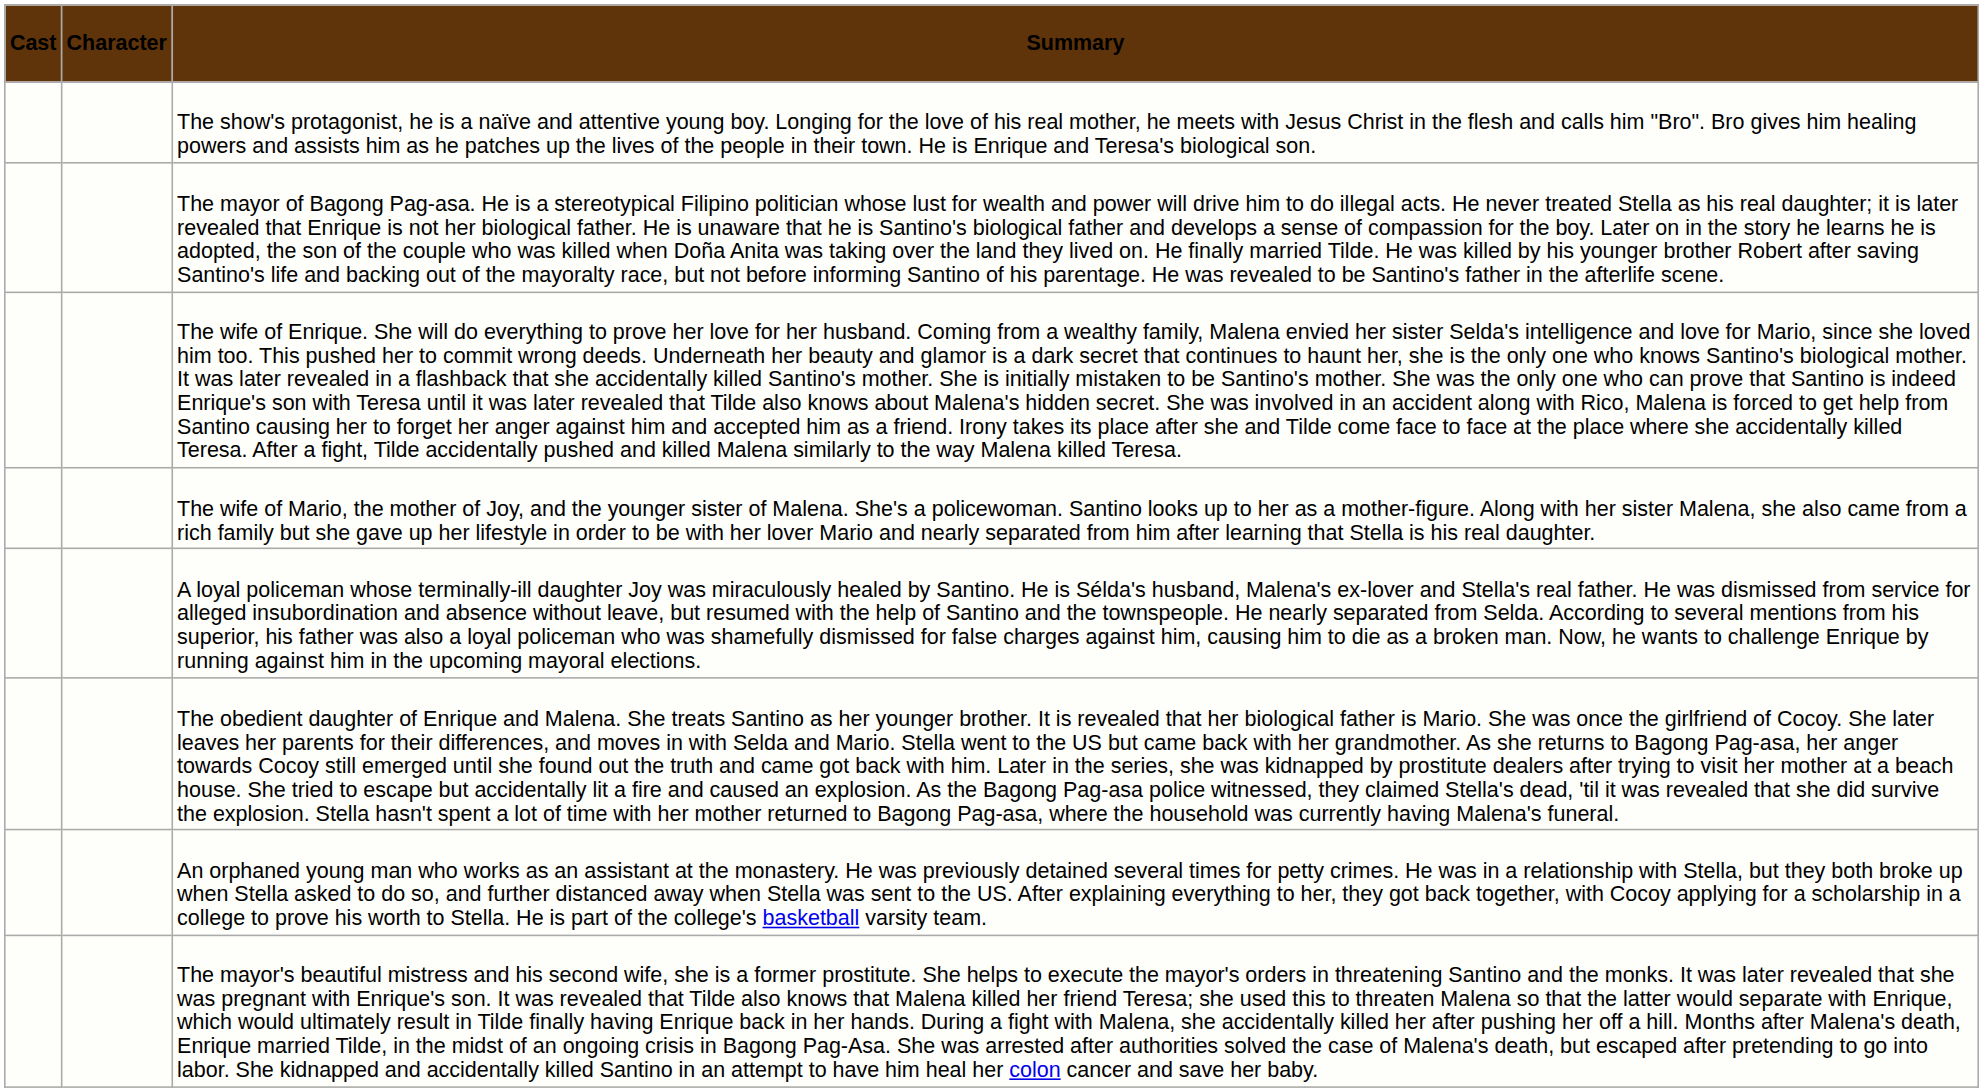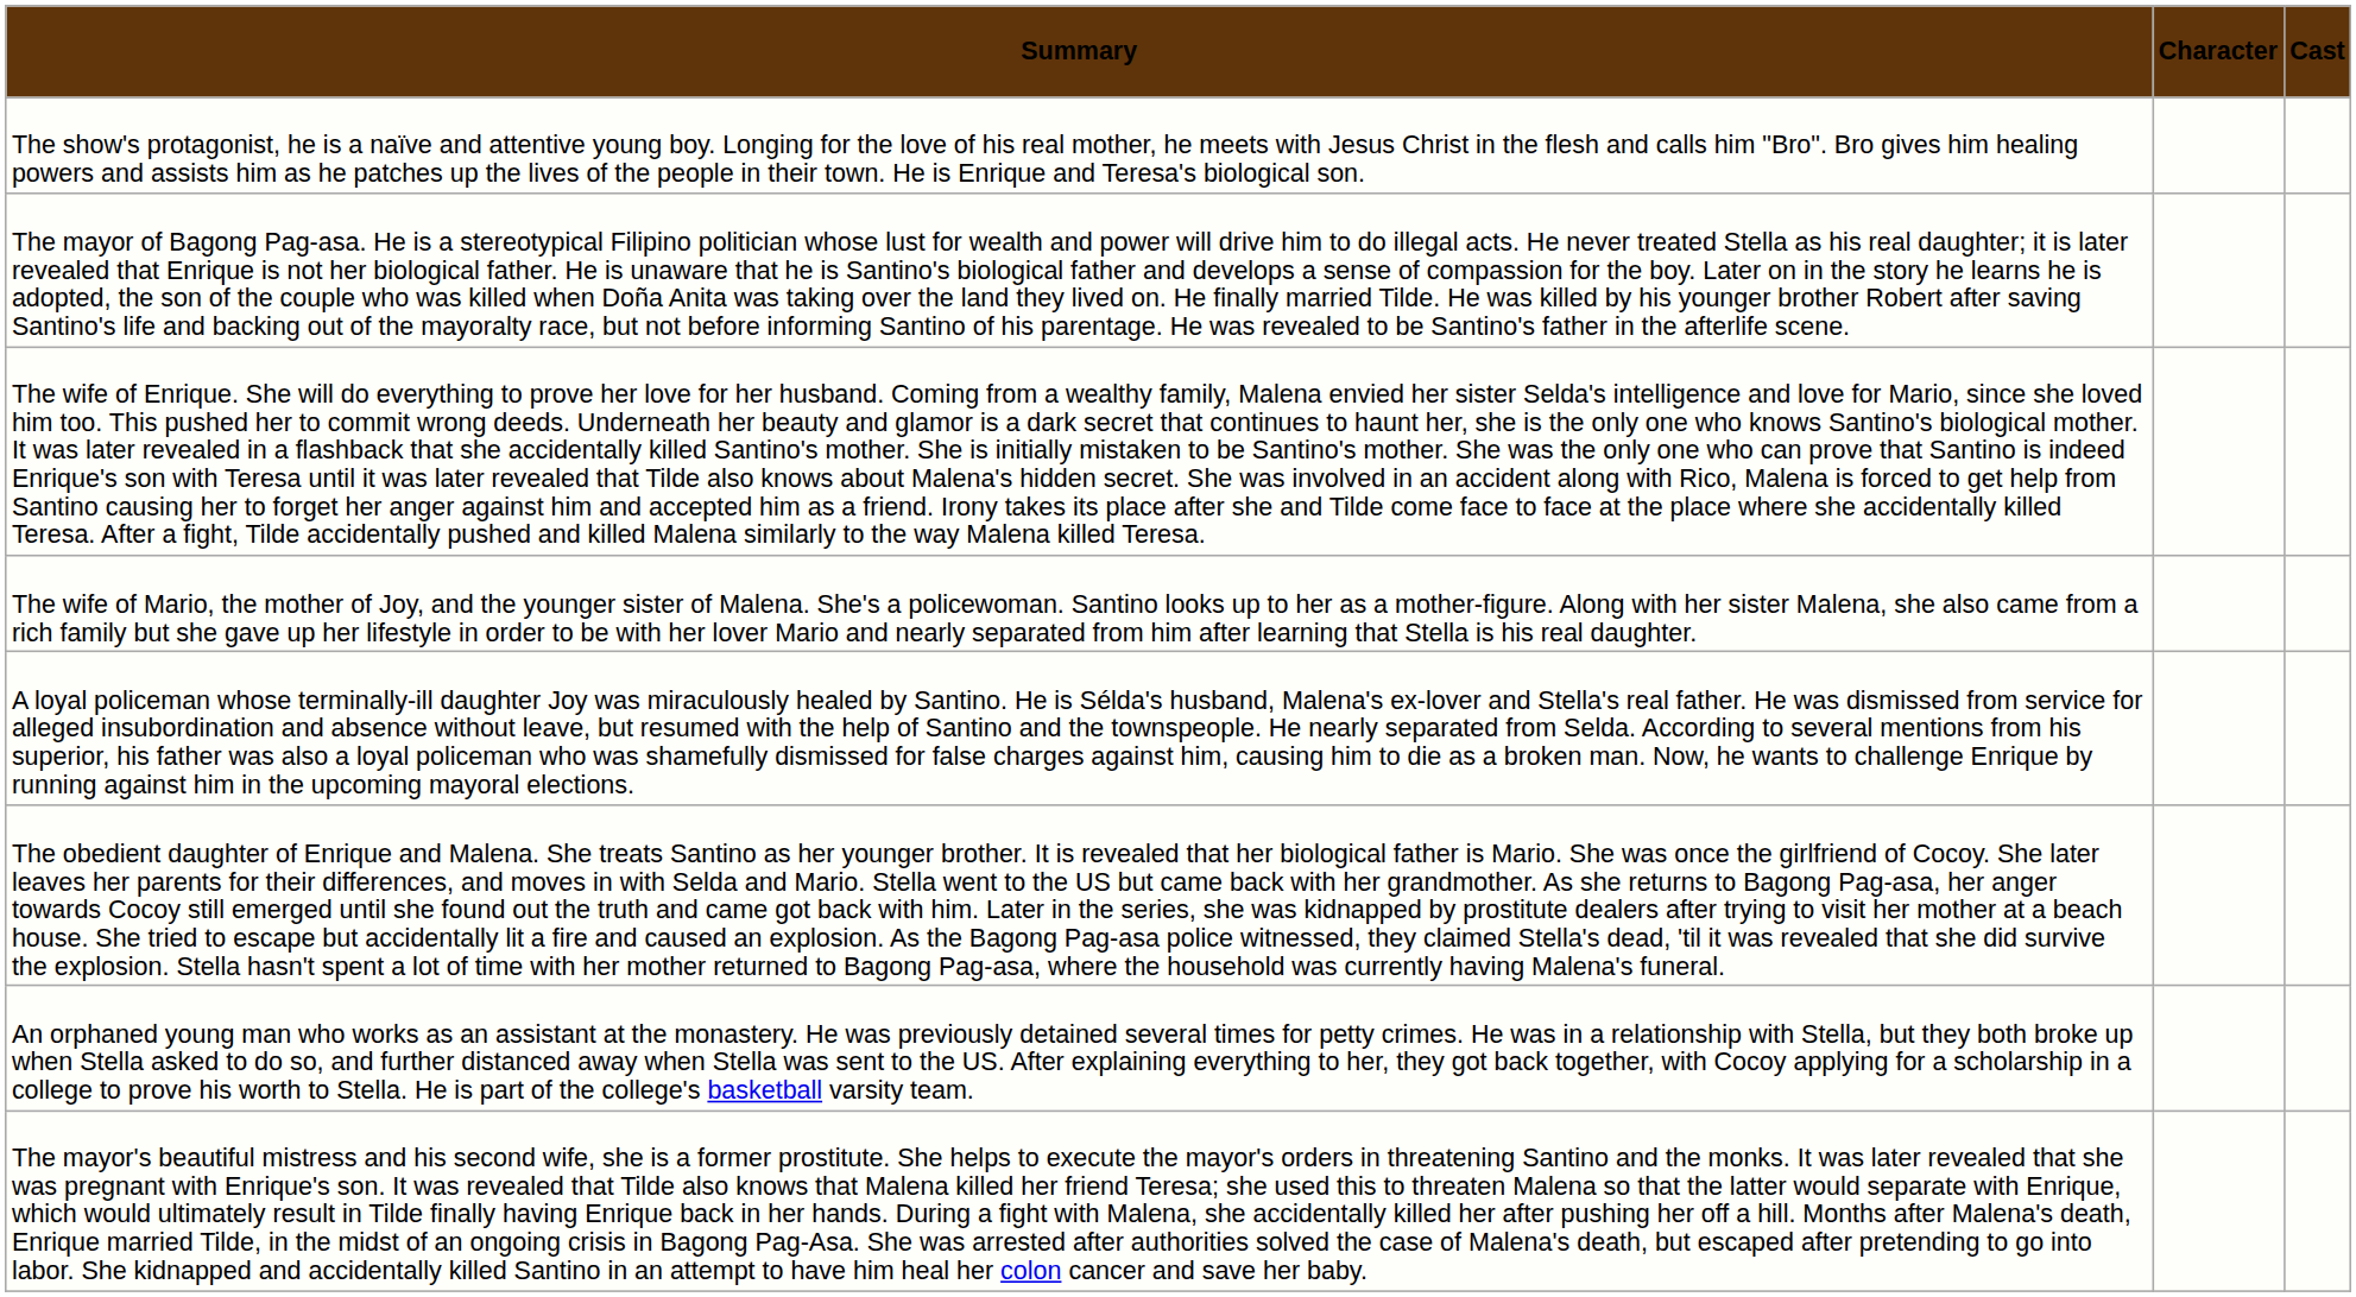 <table class="wikitable" style=" background:#FEFEFA; font-size: 85%;">
 <tr>
+<th style="background:#5F340A ;"><p>Summary</p></th>
+<th style="background:#5F340A; "><p>Character</p></th>
 <th style="background:#5F340A ;"><p>Cast</p></th>
-<th style="background:#5F340A; "><p>Character</p></th>
-<th style="background:#5F340A ;"><p>Summary</p></th>
 </tr>
 <tr>
+<td><br>The show's protagonist, he is a naïve and attentive young boy. Longing for the love of his real mother, he meets with Jesus Christ in the flesh and calls him "Bro". Bro gives him healing powers and assists him as he patches up the lives of the people in their town. He is Enrique and Teresa's biological son.</td>
 <td></td>
 <td></td>
-<td><br>The show's protagonist, he is a naïve and attentive young boy. Longing for the love of his real mother, he meets with Jesus Christ in the flesh and calls him "Bro". Bro gives him healing powers and assists him as he patches up the lives of the people in their town. He is Enrique and Teresa's biological son.</td>
 </tr>
 <tr>
+<td><br>The mayor of Bagong Pag-asa. He is a stereotypical Filipino politician whose lust for wealth and power will drive him to do illegal acts. He never treated Stella as his real daughter; it is later revealed that Enrique is not her biological father. He is unaware that he is Santino's biological father and develops a sense of compassion for the boy. Later on in the story he learns he is adopted, the son of the couple who was killed when Doña Anita was taking over the land they lived on. He finally married Tilde. He was killed by his younger brother Robert after saving Santino's life and backing out of the mayoralty race, but not before informing Santino of his parentage. He was revealed to be Santino's father in the afterlife scene.</td>
 <td></td>
 <td></td>
-<td><br>The mayor of Bagong Pag-asa. He is a stereotypical Filipino politician whose lust for wealth and power will drive him to do illegal acts. He never treated Stella as his real daughter; it is later revealed that Enrique is not her biological father. He is unaware that he is Santino's biological father and develops a sense of compassion for the boy. Later on in the story he learns he is adopted, the son of the couple who was killed when Doña Anita was taking over the land they lived on. He finally married Tilde. He was killed by his younger brother Robert after saving Santino's life and backing out of the mayoralty race, but not before informing Santino of his parentage. He was revealed to be Santino's father in the afterlife scene.</td>
 </tr>
 <tr>
+<td><br>The wife of Enrique. She will do everything to prove her love for her husband. Coming from a wealthy family, Malena envied her sister Selda's intelligence and love for Mario, since she loved him too. This pushed her to commit wrong deeds. Underneath her beauty and glamor is a dark secret that continues to haunt her, she is the only one who knows Santino's biological mother. It was later revealed in a flashback that she accidentally killed Santino's mother. She is initially mistaken to be Santino's mother. She was the only one who can prove that Santino is indeed Enrique's son with Teresa until it was later revealed that Tilde also knows about Malena's hidden secret. She was involved in an accident along with Rico, Malena is forced to get help from Santino causing her to forget her anger against him and accepted him as a friend. Irony takes its place after she and Tilde come face to face at the place where she accidentally killed Teresa. After a fight, Tilde accidentally pushed and killed Malena similarly to the way Malena killed Teresa.</td>
 <td></td>
 <td></td>
-<td><br>The wife of Enrique. She will do everything to prove her love for her husband. Coming from a wealthy family, Malena envied her sister Selda's intelligence and love for Mario, since she loved him too. This pushed her to commit wrong deeds. Underneath her beauty and glamor is a dark secret that continues to haunt her, she is the only one who knows Santino's biological mother. It was later revealed in a flashback that she accidentally killed Santino's mother. She is initially mistaken to be Santino's mother. She was the only one who can prove that Santino is indeed Enrique's son with Teresa until it was later revealed that Tilde also knows about Malena's hidden secret. She was involved in an accident along with Rico, Malena is forced to get help from Santino causing her to forget her anger against him and accepted him as a friend. Irony takes its place after she and Tilde come face to face at the place where she accidentally killed Teresa. After a fight, Tilde accidentally pushed and killed Malena similarly to the way Malena killed Teresa.</td>
 </tr>
 <tr>
+<td><br>The wife of Mario, the mother of Joy, and the younger sister of Malena. She's a policewoman. Santino looks up to her as a mother-figure. Along with her sister Malena, she also came from a rich family but she gave up her lifestyle in order to be with her lover Mario and nearly separated from him after learning that Stella is his real daughter.</td>
 <td></td>
 <td></td>
-<td><br>The wife of Mario, the mother of Joy, and the younger sister of Malena. She's a policewoman. Santino looks up to her as a mother-figure. Along with her sister Malena, she also came from a rich family but she gave up her lifestyle in order to be with her lover Mario and nearly separated from him after learning that Stella is his real daughter.</td>
 </tr>
 <tr>
+<td><br>A loyal policeman whose terminally-ill daughter Joy was miraculously healed by Santino. He is Sélda's husband, Malena's ex-lover and Stella's real father. He was dismissed from service for alleged insubordination and absence without leave, but resumed with the help of Santino and the townspeople. He nearly separated from Selda. According to several mentions from his superior, his father was also a loyal policeman who was shamefully dismissed for false charges against him, causing him to die as a broken man. Now, he wants to challenge Enrique by running against him in the upcoming mayoral elections.</td>
 <td></td>
 <td></td>
-<td><br>A loyal policeman whose terminally-ill daughter Joy was miraculously healed by Santino. He is Sélda's husband, Malena's ex-lover and Stella's real father. He was dismissed from service for alleged insubordination and absence without leave, but resumed with the help of Santino and the townspeople. He nearly separated from Selda. According to several mentions from his superior, his father was also a loyal policeman who was shamefully dismissed for false charges against him, causing him to die as a broken man. Now, he wants to challenge Enrique by running against him in the upcoming mayoral elections.</td>
 </tr>
 <tr>
+<td><br>The obedient daughter of Enrique and Malena. She treats Santino as her younger brother. It is revealed that her biological father is Mario. She was once the girlfriend of Cocoy. She later leaves her parents for their differences, and moves in with Selda and Mario. Stella went to the US but came back with her grandmother. As she returns to Bagong Pag-asa, her anger towards Cocoy still emerged until she found out the truth and came got back with him. Later in the series, she was kidnapped by prostitute dealers after trying to visit her mother at a beach house. She tried to escape but accidentally lit a fire and caused an explosion. As the Bagong Pag-asa police witnessed, they claimed Stella's dead, 'til it was revealed that she did survive the explosion. Stella hasn't spent a lot of time with her mother returned to Bagong Pag-asa, where the household was currently having Malena's funeral.</td>
 <td></td>
 <td></td>
-<td><br>The obedient daughter of Enrique and Malena. She treats Santino as her younger brother. It is revealed that her biological father is Mario. She was once the girlfriend of Cocoy. She later leaves her parents for their differences, and moves in with Selda and Mario. Stella went to the US but came back with her grandmother. As she returns to Bagong Pag-asa, her anger towards Cocoy still emerged until she found out the truth and came got back with him. Later in the series, she was kidnapped by prostitute dealers after trying to visit her mother at a beach house. She tried to escape but accidentally lit a fire and caused an explosion. As the Bagong Pag-asa police witnessed, they claimed Stella's dead, 'til it was revealed that she did survive the explosion. Stella hasn't spent a lot of time with her mother returned to Bagong Pag-asa, where the household was currently having Malena's funeral.</td>
 </tr>
 <tr>
+<td><br>An orphaned young man who works as an assistant at the monastery. He was previously detained several times for petty crimes. He was in a relationship with Stella, but they both broke up when Stella asked to do so, and further distanced away when Stella was sent to the US. After explaining everything to her, they got back together, with Cocoy applying for a scholarship in a college to prove his worth to Stella. He is part of the college's <a href='#'>basketball</a> varsity team.</td>
 <td></td>
 <td></td>
-<td><br>An orphaned young man who works as an assistant at the monastery. He was previously detained several times for petty crimes. He was in a relationship with Stella, but they both broke up when Stella asked to do so, and further distanced away when Stella was sent to the US. After explaining everything to her, they got back together, with Cocoy applying for a scholarship in a college to prove his worth to Stella. He is part of the college's <a href='#'>basketball</a> varsity team.</td>
 </tr>
 <tr>
+<td><br>The mayor's beautiful mistress and his second wife, she is a former prostitute. She helps to execute the mayor's orders in threatening Santino and the monks. It was later revealed that she was pregnant with Enrique's son. It was revealed that Tilde also knows that Malena killed her friend Teresa; she used this to threaten Malena so that the latter would separate with Enrique, which would ultimately result in Tilde finally having Enrique back in her hands. During a fight with Malena, she accidentally killed her after pushing her off a hill. Months after Malena's death, Enrique married Tilde, in the midst of an ongoing crisis in Bagong Pag-Asa. She was arrested after authorities solved the case of Malena's death, but escaped after pretending to go into labor. She kidnapped and accidentally killed Santino in an attempt to have him heal her <a href='#'>colon</a> cancer and save her baby.</td>
 <td></td>
 <td></td>
-<td><br>The mayor's beautiful mistress and his second wife, she is a former prostitute. She helps to execute the mayor's orders in threatening Santino and the monks. It was later revealed that she was pregnant with Enrique's son. It was revealed that Tilde also knows that Malena killed her friend Teresa; she used this to threaten Malena so that the latter would separate with Enrique, which would ultimately result in Tilde finally having Enrique back in her hands. During a fight with Malena, she accidentally killed her after pushing her off a hill. Months after Malena's death, Enrique married Tilde, in the midst of an ongoing crisis in Bagong Pag-Asa. She was arrested after authorities solved the case of Malena's death, but escaped after pretending to go into labor. She kidnapped and accidentally killed Santino in an attempt to have him heal her <a href='#'>colon</a> cancer and save her baby.</td>
 </tr>
 </table>
